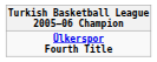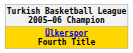 <table class=wikitable style="text-align:center; margin:auto">
 <tr>
 <th>Turkish Basketball League <br> 2005–06 Champion</th>
 </tr>
 <tr>
-<td><strong><a href='#'>Ülkerspor</a></strong> <br> <strong>Fourth Title</strong></td>
+<td style="background: gold;"><strong><a href='#'>Ülkerspor</a></strong> <br> <strong>Fourth Title</strong></td>
 </tr>
 </table>
